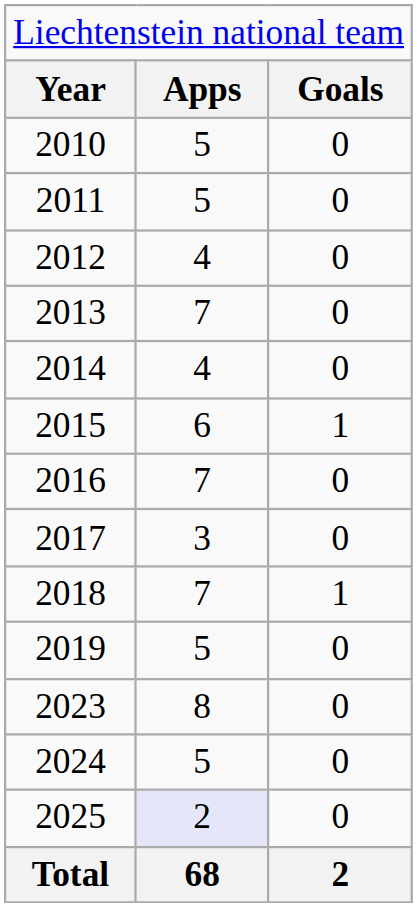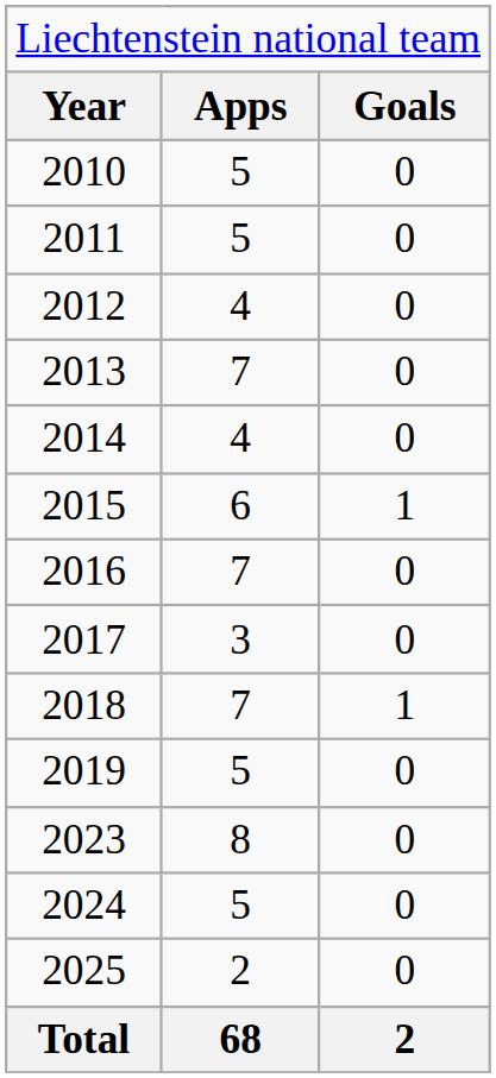 <table class="wikitable" style="text-align:center">
 <tr>
 <td colspan="3"><a href='#'>Liechtenstein national team</a></td>
 </tr>
 <tr>
 <th>Year</th>
 <th>Apps</th>
 <th>Goals</th>
 </tr>
 <tr>
 <td>2010</td>
 <td>5</td>
 <td>0</td>
 </tr>
 <tr>
 <td>2011</td>
 <td>5</td>
 <td>0</td>
 </tr>
 <tr>
 <td>2012</td>
 <td>4</td>
 <td>0</td>
 </tr>
 <tr>
 <td>2013</td>
 <td>7</td>
 <td>0</td>
 </tr>
 <tr>
 <td>2014</td>
 <td>4</td>
 <td>0</td>
 </tr>
 <tr>
 <td>2015</td>
 <td>6</td>
 <td>1</td>
 </tr>
 <tr>
 <td>2016</td>
 <td>7</td>
 <td>0</td>
 </tr>
 <tr>
 <td>2017</td>
 <td>3</td>
 <td>0</td>
 </tr>
 <tr>
 <td>2018</td>
 <td>7</td>
 <td>1</td>
 </tr>
 <tr>
 <td>2019</td>
 <td>5</td>
 <td>0</td>
 </tr>
 <tr>
 <td>2023</td>
 <td>8</td>
 <td>0</td>
 </tr>
 <tr>
 <td>2024</td>
 <td>5</td>
 <td>0</td>
 </tr>
 <tr>
 <td>2025</td>
-<td style="background: lavender;">2</td>
+<td>2</td>
 <td>0</td>
 </tr>
 <tr>
 <th>Total</th>
 <th>68</th>
 <th>2</th>
 </tr>
 </table>
